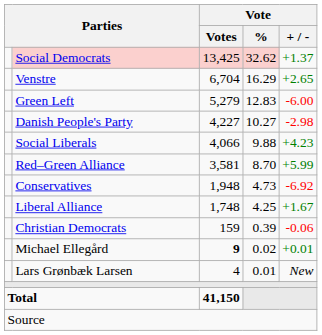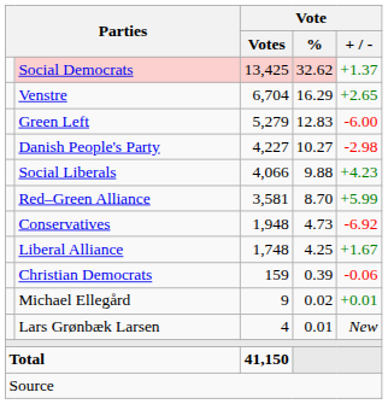 <table class="wikitable" style="text-align:right;">
 <tr>
 <th style="text-align:centre;" rowspan="2" colspan="2" width="225">Parties</th>
 <th colspan="3">Vote</th>
 </tr>
 <tr>
 <th width="15">Votes</th>
 <th width="15">%</th>
 <th width="15">+ / -</th>
 </tr>
 <tr>
 <td width="2" style="color:inherit;background:"></td>
 <td bgcolor=#fbd0ce  align="left"><a href='#'>Social Democrats</a></td>
 <td bgcolor=#fbd0ce>13,425</td>
 <td bgcolor=#fbd0ce>32.62</td>
 <td style=color:green;>+1.37</td>
 </tr>
 <tr>
 <td width="2" style="color:inherit;background:"></td>
 <td align="left"><a href='#'>Venstre</a></td>
 <td>6,704</td>
 <td>16.29</td>
 <td style=color:green;>+2.65</td>
 </tr>
 <tr>
 <td width="2" style="color:inherit;background:"></td>
 <td align="left"><a href='#'>Green Left</a></td>
 <td>5,279</td>
 <td>12.83</td>
 <td style=color:red;>-6.00</td>
 </tr>
 <tr>
 <td width="2" style="color:inherit;background:"></td>
 <td align="left"><a href='#'>Danish People's Party</a></td>
 <td>4,227</td>
 <td>10.27</td>
 <td style=color:red;>-2.98</td>
 </tr>
 <tr>
 <td width="2" style="color:inherit;background:"></td>
 <td align="left"><a href='#'>Social Liberals</a></td>
 <td>4,066</td>
 <td>9.88</td>
 <td style=color:green;>+4.23</td>
 </tr>
 <tr>
 <td width="2" style="color:inherit;background:"></td>
 <td align="left"><a href='#'>Red–Green Alliance</a></td>
 <td>3,581</td>
 <td>8.70</td>
 <td style=color:green;>+5.99</td>
 </tr>
 <tr>
 <td width="2" style="color:inherit;background:"></td>
 <td align="left"><a href='#'>Conservatives</a></td>
 <td>1,948</td>
 <td>4.73</td>
 <td style=color:red;>-6.92</td>
 </tr>
 <tr>
 <td width="2" style="color:inherit;background:"></td>
 <td align="left"><a href='#'>Liberal Alliance</a></td>
 <td>1,748</td>
 <td>4.25</td>
 <td style=color:green;>+1.67</td>
 </tr>
 <tr>
 <td width="2" style="color:inherit;background:"></td>
 <td align="left"><a href='#'>Christian Democrats</a></td>
 <td>159</td>
 <td>0.39</td>
 <td style=color:red;>-0.06</td>
 </tr>
 <tr>
 <td width="2" style="color:inherit;background:"></td>
 <td align="left">Michael Ellegård</td>
-<td><strong>9</strong></td>
+<td>9</td>
 <td>0.02</td>
 <td style=color:green;>+0.01</td>
 </tr>
 <tr>
 <td width="2" style="color:inherit;background:"></td>
 <td align="left">Lars Grønbæk Larsen</td>
 <td>4</td>
 <td>0.01</td>
 <td><em>New</em></td>
 </tr>
 <tr>
 <td colspan="7" bgcolor="#E9E9E9"></td>
 </tr>
 <tr>
 <td align="left" colspan="2"><strong>Total</strong></td>
 <td><strong>41,150</strong></td>
 <td bgcolor="#E9E9E9" colspan="2"></td>
 </tr>
 <tr>
 <td align="left" colspan="6">Source</td>
 </tr>
 </table>
